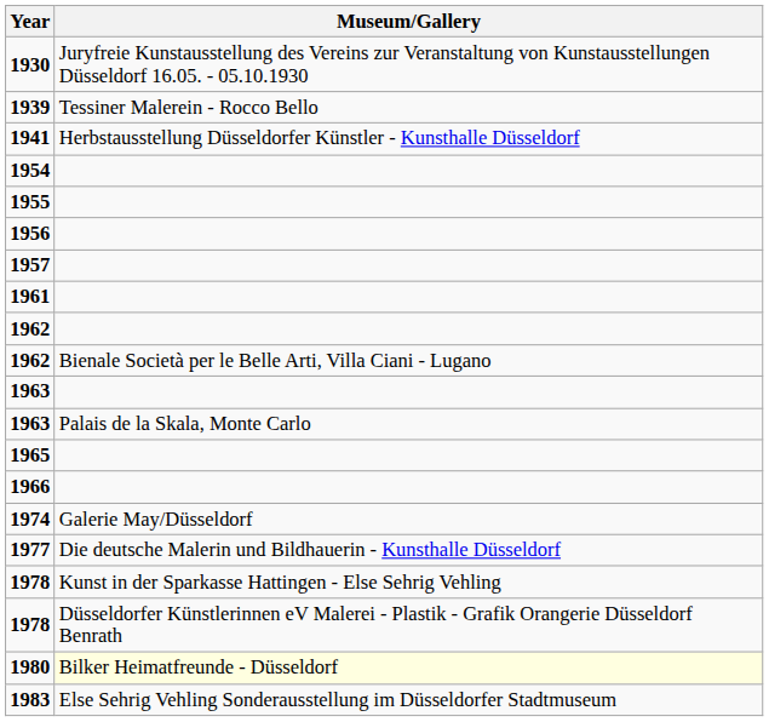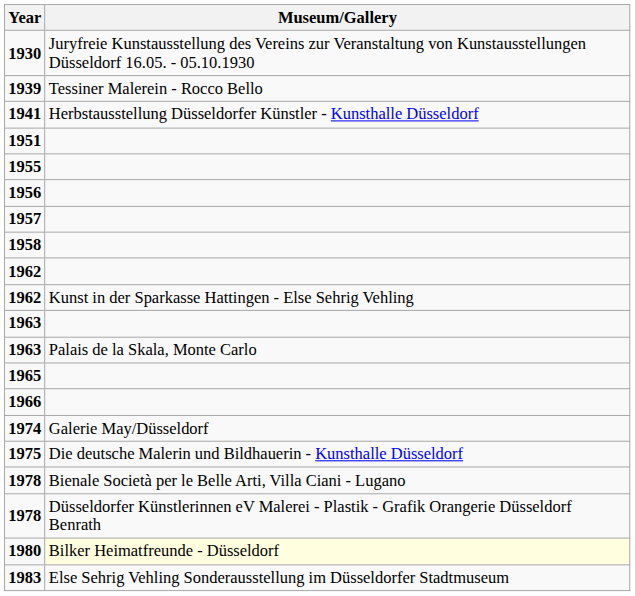 <table class="wikitable">
 <tr>
 <th>Year</th>
 <th>Museum/Gallery</th>
 </tr>
 <tr>
 <td><strong>1930</strong></td>
 <td>Juryfreie Kunstausstellung des Vereins zur Veranstaltung von Kunstausstellungen Düsseldorf 16.05. - 05.10.1930</td>
 </tr>
 <tr>
 <td><strong>1939</strong></td>
 <td>Tessiner Malerein - Rocco Bello</td>
 </tr>
 <tr>
 <td><strong>1941</strong></td>
 <td>Herbstausstellung Düsseldorfer Künstler - <a href='#'>Kunsthalle Düsseldorf</a></td>
 </tr>
 <tr>
-<td><strong>1954</strong></td>
+<td><strong>1951</strong></td>
 <td></td>
 </tr>
 <tr>
 <td><strong>1955</strong></td>
 <td></td>
 </tr>
 <tr>
 <td><strong>1956</strong></td>
 <td></td>
 </tr>
 <tr>
 <td><strong>1957</strong></td>
 <td></td>
 </tr>
 <tr>
-<td><strong>1961</strong></td>
+<td><strong>1958</strong></td>
 <td></td>
 </tr>
 <tr>
 <td><strong>1962</strong></td>
 <td></td>
 </tr>
 <tr>
 <td><strong>1962</strong></td>
-<td>Bienale Società per le Belle Arti, Villa Ciani - Lugano</td>
+<td>Kunst in der Sparkasse Hattingen - Else Sehrig Vehling</td>
 </tr>
 <tr>
 <td><strong>1963</strong></td>
 <td></td>
 </tr>
 <tr>
 <td><strong>1963</strong></td>
 <td>Palais de la Skala, Monte Carlo</td>
 </tr>
 <tr>
 <td><strong>1965</strong></td>
 <td></td>
 </tr>
 <tr>
 <td><strong>1966</strong></td>
 <td></td>
 </tr>
 <tr>
 <td><strong>1974</strong></td>
 <td>Galerie May/Düsseldorf</td>
 </tr>
 <tr>
-<td><strong>1977</strong></td>
+<td><strong>1975</strong></td>
 <td>Die deutsche Malerin und Bildhauerin - <a href='#'>Kunsthalle Düsseldorf</a></td>
 </tr>
 <tr>
 <td><strong>1978</strong></td>
-<td>Kunst in der Sparkasse Hattingen - Else Sehrig Vehling</td>
+<td>Bienale Società per le Belle Arti, Villa Ciani - Lugano</td>
 </tr>
 <tr>
 <td><strong>1978</strong></td>
 <td>Düsseldorfer Künstlerinnen eV Malerei - Plastik - Grafik  Orangerie Düsseldorf Benrath</td>
 </tr>
 <tr>
 <td><strong>1980</strong></td>
 <td style="background: lightyellow;">Bilker Heimatfreunde - Düsseldorf</td>
 </tr>
 <tr>
 <td><strong>1983</strong></td>
 <td>Else Sehrig Vehling Sonderausstellung im Düsseldorfer Stadtmuseum</td>
 </tr>
 </table>
